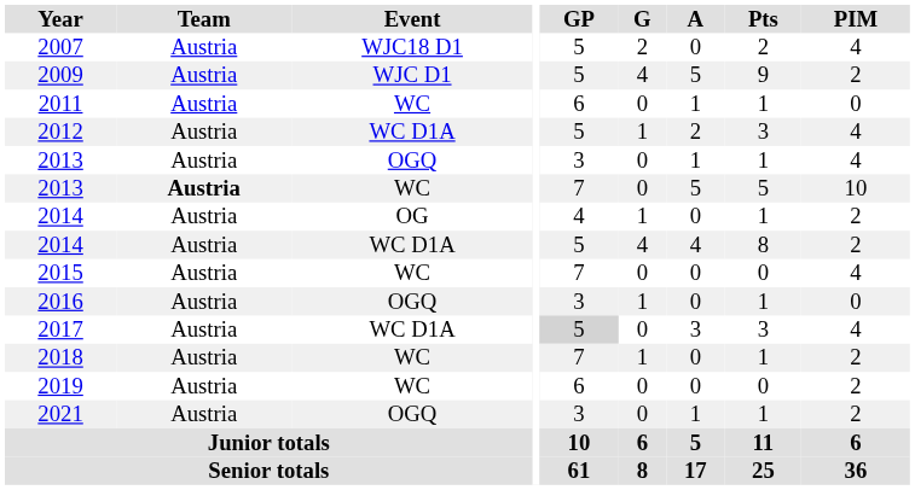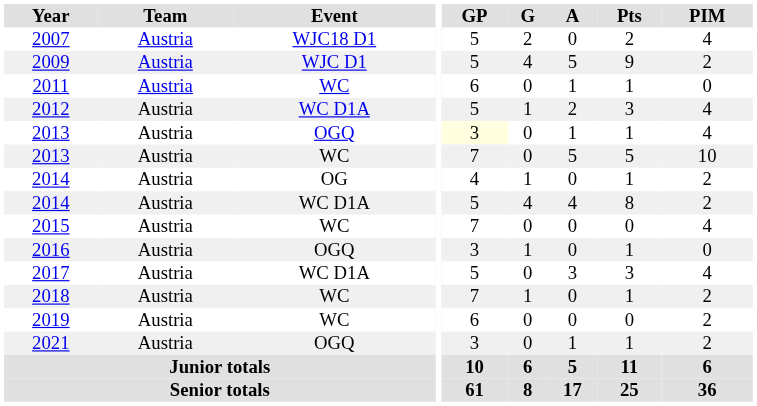 <table border="0" cellpadding="1" cellspacing="0" ID="Table3" style="text-align:center; width:40em">
 <tr ALIGN="center" bgcolor="#e0e0e0">
 <th>Year</th>
 <th>Team</th>
 <th>Event</th>
 <th rowspan="102" bgcolor="#ffffff"></th>
 <th>GP</th>
 <th>G</th>
 <th>A</th>
 <th>Pts</th>
 <th>PIM</th>
 </tr>
 <tr>
 <td><a href='#'>2007</a></td>
 <td><a href='#'>Austria</a></td>
 <td><a href='#'>WJC18 D1</a></td>
 <td>5</td>
 <td>2</td>
 <td>0</td>
 <td>2</td>
 <td>4</td>
 </tr>
 <tr bgcolor="#f0f0f0">
 <td><a href='#'>2009</a></td>
 <td><a href='#'>Austria</a></td>
 <td><a href='#'>WJC D1</a></td>
 <td>5</td>
 <td>4</td>
 <td>5</td>
 <td>9</td>
 <td>2</td>
 </tr>
 <tr>
 <td><a href='#'>2011</a></td>
 <td><a href='#'>Austria</a></td>
 <td><a href='#'>WC</a></td>
 <td>6</td>
 <td>0</td>
 <td>1</td>
 <td>1</td>
 <td>0</td>
 </tr>
 <tr bgcolor="#f0f0f0">
 <td><a href='#'>2012</a></td>
 <td>Austria</td>
 <td><a href='#'>WC D1A</a></td>
 <td>5</td>
 <td>1</td>
 <td>2</td>
 <td>3</td>
 <td>4</td>
 </tr>
 <tr>
 <td><a href='#'>2013</a></td>
 <td>Austria</td>
 <td><a href='#'>OGQ</a></td>
-<td>3</td>
+<td style="background: lightyellow;">3</td>
 <td>0</td>
 <td>1</td>
 <td>1</td>
 <td>4</td>
 </tr>
 <tr bgcolor="#f0f0f0">
 <td><a href='#'>2013</a></td>
-<td><strong>Austria</strong></td>
+<td>Austria</td>
 <td>WC</td>
 <td>7</td>
 <td>0</td>
 <td>5</td>
 <td>5</td>
 <td>10</td>
 </tr>
 <tr>
 <td><a href='#'>2014</a></td>
 <td>Austria</td>
 <td>OG</td>
 <td>4</td>
 <td>1</td>
 <td>0</td>
 <td>1</td>
 <td>2</td>
 </tr>
 <tr bgcolor="#f0f0f0">
 <td><a href='#'>2014</a></td>
 <td>Austria</td>
 <td>WC D1A</td>
 <td>5</td>
 <td>4</td>
 <td>4</td>
 <td>8</td>
 <td>2</td>
 </tr>
 <tr>
 <td><a href='#'>2015</a></td>
 <td>Austria</td>
 <td>WC</td>
 <td>7</td>
 <td>0</td>
 <td>0</td>
 <td>0</td>
 <td>4</td>
 </tr>
 <tr bgcolor="#f0f0f0">
 <td><a href='#'>2016</a></td>
 <td>Austria</td>
 <td>OGQ</td>
 <td>3</td>
 <td>1</td>
 <td>0</td>
 <td>1</td>
 <td>0</td>
 </tr>
 <tr>
 <td><a href='#'>2017</a></td>
 <td>Austria</td>
 <td>WC D1A</td>
-<td style="background: lightgrey;">5</td>
+<td>5</td>
 <td>0</td>
 <td>3</td>
 <td>3</td>
 <td>4</td>
 </tr>
 <tr bgcolor="#f0f0f0">
 <td><a href='#'>2018</a></td>
 <td>Austria</td>
 <td>WC</td>
 <td>7</td>
 <td>1</td>
 <td>0</td>
 <td>1</td>
 <td>2</td>
 </tr>
 <tr>
 <td><a href='#'>2019</a></td>
 <td>Austria</td>
 <td>WC</td>
 <td>6</td>
 <td>0</td>
 <td>0</td>
 <td>0</td>
 <td>2</td>
 </tr>
 <tr bgcolor="#f0f0f0">
 <td><a href='#'>2021</a></td>
 <td>Austria</td>
 <td>OGQ</td>
 <td>3</td>
 <td>0</td>
 <td>1</td>
 <td>1</td>
 <td>2</td>
 </tr>
 <tr bgcolor="#e0e0e0">
 <th colspan=3>Junior totals</th>
 <th>10</th>
 <th>6</th>
 <th>5</th>
 <th>11</th>
 <th>6</th>
 </tr>
 <tr bgcolor="#e0e0e0">
 <th colspan=3>Senior totals</th>
 <th>61</th>
 <th>8</th>
 <th>17</th>
 <th>25</th>
 <th>36</th>
 </tr>
 </table>
